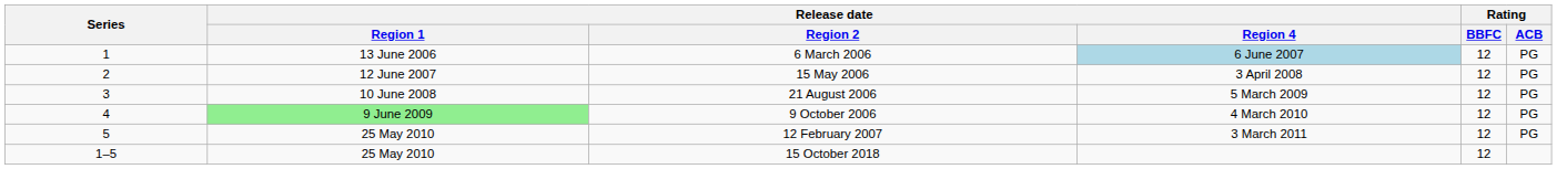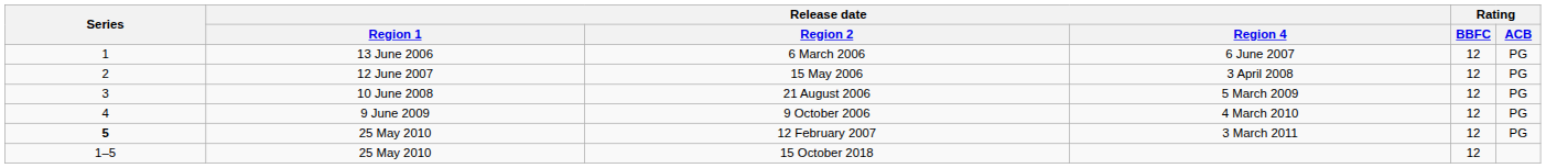 <table class="wikitable" style="width:99%; text-align:center;">
 <tr>
 <th rowspan="2">Series</th>
 <th colspan="3">Release date</th>
 <th colspan="2">Rating</th>
 </tr>
 <tr>
 <th><a href='#'>Region 1</a></th>
 <th><a href='#'>Region 2</a></th>
 <th><a href='#'>Region 4</a></th>
 <th width=50><a href='#'>BBFC</a></th>
 <th width=50><a href='#'>ACB</a></th>
 </tr>
 <tr>
 <td>1</td>
 <td>13 June 2006</td>
 <td>6 March 2006</td>
-<td style="background: lightblue;">6 June 2007</td>
+<td>6 June 2007</td>
 <td>12</td>
 <td>PG</td>
 </tr>
 <tr>
 <td>2</td>
 <td>12 June 2007</td>
 <td>15 May 2006</td>
 <td>3 April 2008</td>
 <td>12</td>
 <td>PG</td>
 </tr>
 <tr>
 <td>3</td>
 <td>10 June 2008</td>
 <td>21 August 2006</td>
 <td>5 March 2009</td>
 <td>12</td>
 <td>PG</td>
 </tr>
 <tr>
 <td>4</td>
-<td style="background: lightgreen;">9 June 2009</td>
+<td>9 June 2009</td>
 <td>9 October 2006</td>
 <td>4 March 2010</td>
 <td>12</td>
 <td>PG</td>
 </tr>
 <tr>
-<td>5</td>
+<td><strong>5</strong></td>
 <td>25 May 2010</td>
 <td>12 February 2007</td>
 <td>3 March 2011</td>
 <td>12</td>
 <td>PG</td>
 </tr>
 <tr>
 <td>1–5</td>
 <td>25 May 2010</td>
 <td>15 October 2018</td>
 <td></td>
 <td>12</td>
 <td></td>
 </tr>
 </table>
